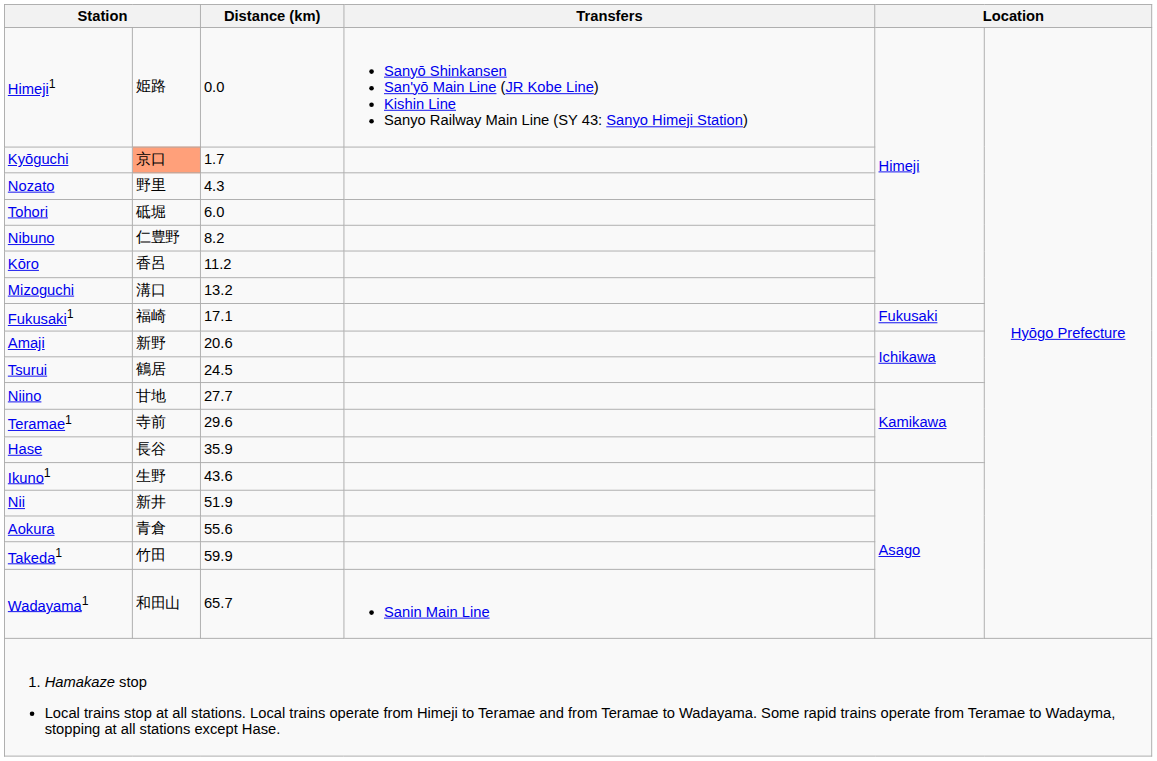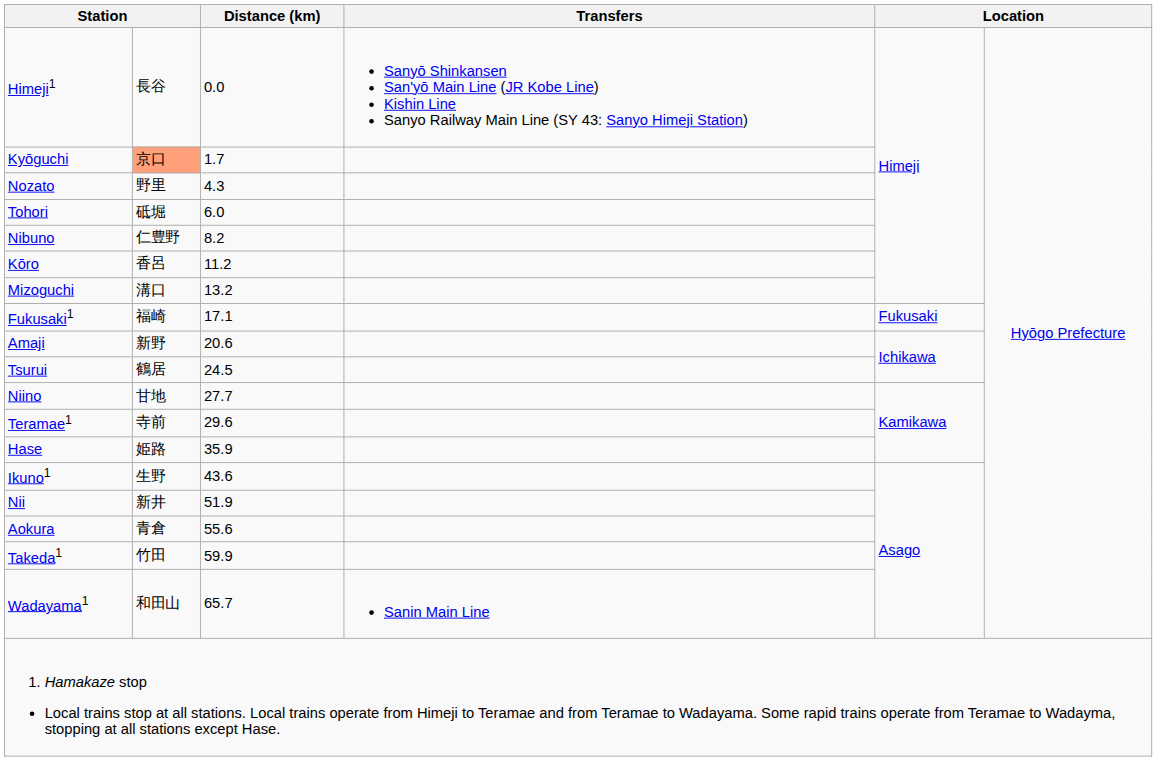 <table table class=wikitable>
 <tr>
 <th colspan=2>Station</th>
 <th>Distance (km)</th>
 <th>Transfers</th>
 <th colspan=2>Location</th>
 </tr>
 <tr>
 <td><a href='#'>Himeji</a><sup>1</sup></td>
-<td>姫路</td>
+<td>長谷</td>
 <td>0.0</td>
 <td><br><ul><li> <a href='#'>Sanyō Shinkansen</a></li><li> <a href='#'>San'yō Main Line</a> (<a href='#'>JR Kobe Line</a>)</li><li> <a href='#'>Kishin Line</a></li><li> Sanyo Railway Main Line (SY 43: <a href='#'>Sanyo Himeji Station</a>)</li></ul></td>
 <td rowspan="7"><a href='#'>Himeji</a></td>
 <td rowspan="18" align="center"><a href='#'>Hyōgo Prefecture</a></td>
 </tr>
 <tr>
 <td><a href='#'>Kyōguchi</a></td>
 <td style="background: lightsalmon;">京口</td>
 <td>1.7</td>
 <td> </td>
 </tr>
 <tr>
 <td><a href='#'>Nozato</a></td>
 <td>野里</td>
 <td>4.3</td>
 <td> </td>
 </tr>
 <tr>
 <td><a href='#'>Tohori</a></td>
 <td>砥堀</td>
 <td>6.0</td>
 <td> </td>
 </tr>
 <tr>
 <td><a href='#'>Nibuno</a></td>
 <td>仁豊野</td>
 <td>8.2</td>
 <td> </td>
 </tr>
 <tr>
 <td><a href='#'>Kōro</a></td>
 <td>香呂</td>
 <td>11.2</td>
 <td> </td>
 </tr>
 <tr>
 <td><a href='#'>Mizoguchi</a></td>
 <td>溝口</td>
 <td>13.2</td>
 <td> </td>
 </tr>
 <tr>
 <td><a href='#'>Fukusaki</a><sup>1</sup></td>
 <td>福崎</td>
 <td>17.1</td>
 <td> </td>
 <td><a href='#'>Fukusaki</a></td>
 </tr>
 <tr>
 <td><a href='#'>Amaji</a></td>
 <td>新野</td>
 <td>20.6</td>
 <td> </td>
 <td rowspan="2"><a href='#'>Ichikawa</a></td>
 </tr>
 <tr>
 <td><a href='#'>Tsurui</a></td>
 <td>鶴居</td>
 <td>24.5</td>
 <td> </td>
 </tr>
 <tr>
 <td><a href='#'>Niino</a></td>
 <td>甘地</td>
 <td>27.7</td>
 <td> </td>
 <td rowspan="3"><a href='#'>Kamikawa</a></td>
 </tr>
 <tr>
 <td><a href='#'>Teramae</a><sup>1</sup></td>
 <td>寺前</td>
 <td>29.6</td>
 <td> </td>
 </tr>
 <tr>
 <td><a href='#'>Hase</a></td>
-<td>長谷</td>
+<td>姫路</td>
 <td>35.9</td>
 <td> </td>
 </tr>
 <tr>
 <td><a href='#'>Ikuno</a><sup>1</sup></td>
 <td>生野</td>
 <td>43.6</td>
 <td> </td>
 <td rowspan="5"><a href='#'>Asago</a></td>
 </tr>
 <tr>
 <td><a href='#'>Nii</a></td>
 <td>新井</td>
 <td>51.9</td>
 <td> </td>
 </tr>
 <tr>
 <td><a href='#'>Aokura</a></td>
 <td>青倉</td>
 <td>55.6</td>
 <td> </td>
 </tr>
 <tr>
 <td><a href='#'>Takeda</a><sup>1</sup></td>
 <td>竹田</td>
 <td>59.9</td>
 <td> </td>
 </tr>
 <tr>
 <td><a href='#'>Wadayama</a><sup>1</sup></td>
 <td>和田山</td>
 <td>65.7</td>
 <td><br><ul><li> <a href='#'>Sanin Main Line</a></li></ul></td>
 </tr>
 <tr>
 <td colspan=7><br><ol><li><em>Hamakaze</em> stop</li></ol><ul><li>Local trains stop at all stations. Local trains operate from Himeji to Teramae and from Teramae to Wadayama. Some rapid trains operate from Teramae to Wadayma, stopping at all stations except Hase.</li></ul></td>
 </tr>
 </table>
